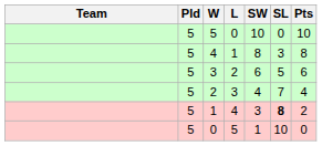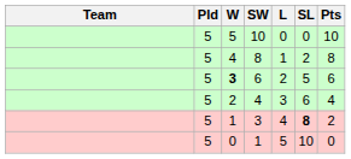 <table class=wikitable style="text-align:center">
 <tr>
 <th width=220>Team</th>
 <th width=20>Pld</th>
 <th width=20>W</th>
+<th width=20>SW</th>
 <th width=20>L</th>
-<th width=20>SW</th>
 <th width=20>SL</th>
 <th width=20>Pts</th>
 </tr>
 <tr bgcolor=ccffcc>
 <td align=left></td>
 <td>5</td>
 <td>5</td>
+<td>10</td>
 <td>0</td>
-<td>10</td>
 <td>0</td>
 <td>10</td>
 </tr>
 <tr bgcolor=ccffcc>
 <td align=left></td>
 <td>5</td>
 <td>4</td>
+<td>8</td>
 <td>1</td>
-<td>8</td>
-<td>3</td>
+<td>2</td>
 <td>8</td>
 </tr>
 <tr bgcolor=ccffcc>
 <td align=left></td>
 <td>5</td>
-<td>3</td>
+<td><strong>3</strong></td>
+<td>6</td>
 <td>2</td>
-<td>6</td>
 <td>5</td>
 <td>6</td>
 </tr>
 <tr bgcolor=ccffcc>
 <td align=left></td>
 <td>5</td>
 <td>2</td>
+<td>4</td>
 <td>3</td>
-<td>4</td>
-<td>7</td>
+<td>6</td>
 <td>4</td>
 </tr>
 <tr bgcolor=ffcccc>
 <td align=left></td>
 <td>5</td>
 <td>1</td>
+<td>3</td>
 <td>4</td>
-<td>3</td>
 <td><strong>8</strong></td>
 <td>2</td>
 </tr>
 <tr bgcolor=ffcccc>
 <td align=left></td>
 <td>5</td>
 <td>0</td>
+<td>1</td>
 <td>5</td>
-<td>1</td>
 <td>10</td>
 <td>0</td>
 </tr>
 </table>
